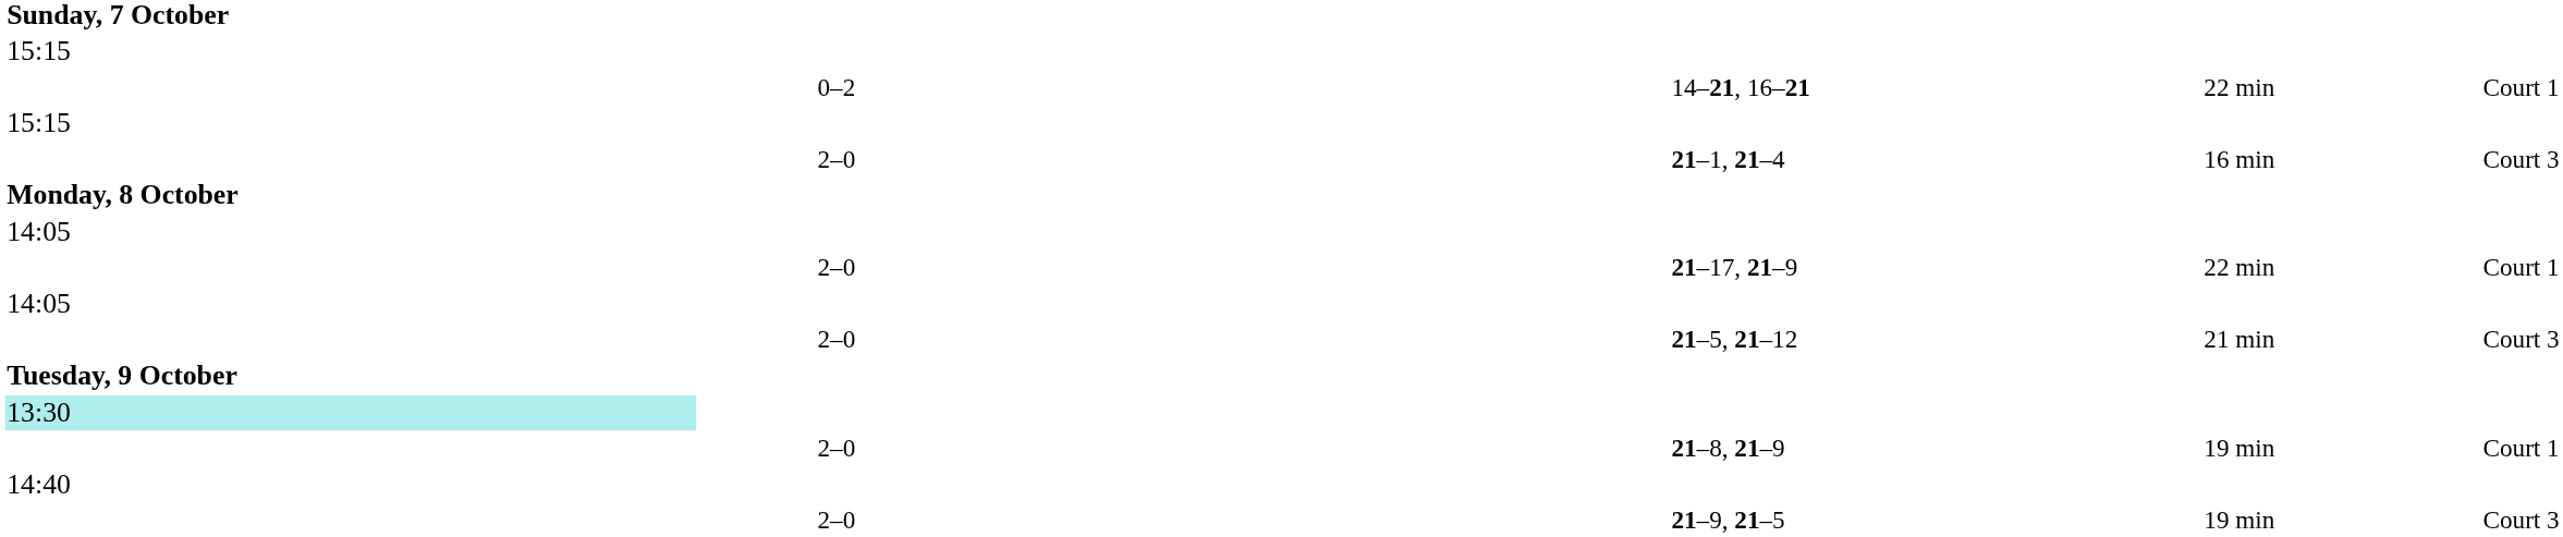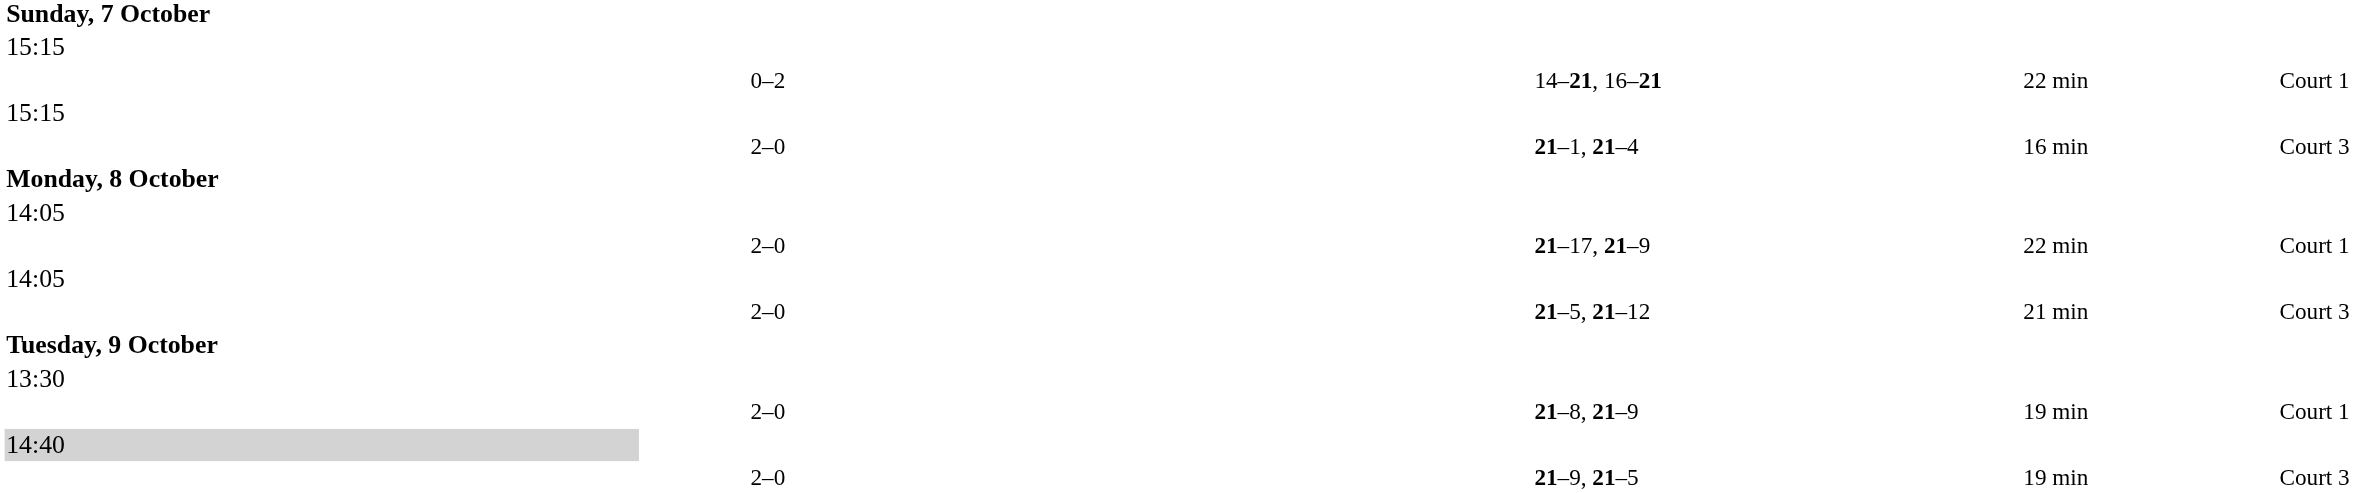 <table style="width:100%;" cellspacing="1">
 <tr>
 <th width=25%></th>
 <th width=10%></th>
 <th width=25%></th>
 </tr>
 <tr>
 <td><strong>Sunday, 7 October</strong></td>
 </tr>
 <tr>
 <td>15:15</td>
 </tr>
 <tr style=font-size:90%>
 <td align=right></td>
 <td align=center>0–2</td>
 <td><strong></strong></td>
 <td>14–<strong>21</strong>, 16–<strong>21</strong></td>
 <td>22 min</td>
 <td>Court 1</td>
 </tr>
 <tr>
 <td>15:15</td>
 </tr>
 <tr style=font-size:90%>
 <td align=right><strong></strong></td>
 <td align=center>2–0</td>
 <td></td>
 <td><strong>21</strong>–1, <strong>21</strong>–4</td>
 <td>16 min</td>
 <td>Court 3</td>
 </tr>
 <tr>
 <td><strong>Monday, 8 October</strong></td>
 </tr>
 <tr>
 <td>14:05</td>
 </tr>
 <tr style=font-size:90%>
 <td align=right><strong></strong></td>
 <td align=center>2–0</td>
 <td></td>
 <td><strong>21</strong>–17, <strong>21</strong>–9</td>
 <td>22 min</td>
 <td>Court 1</td>
 </tr>
 <tr>
 <td>14:05</td>
 </tr>
 <tr style=font-size:90%>
 <td align=right><strong></strong></td>
 <td align=center>2–0</td>
 <td></td>
 <td><strong>21</strong>–5, <strong>21</strong>–12</td>
 <td>21 min</td>
 <td>Court 3</td>
 </tr>
 <tr>
 <td><strong>Tuesday, 9 October</strong></td>
 </tr>
 <tr>
-<td style="background: paleturquoise;">13:30</td>
+<td>13:30</td>
 </tr>
 <tr style=font-size:90%>
 <td align=right><strong></strong></td>
 <td align=center>2–0</td>
 <td></td>
 <td><strong>21</strong>–8, <strong>21</strong>–9</td>
 <td>19 min</td>
 <td>Court 1</td>
 </tr>
 <tr>
-<td>14:40</td>
+<td style="background: lightgrey;">14:40</td>
 </tr>
 <tr style=font-size:90%>
 <td align=right><strong></strong></td>
 <td align=center>2–0</td>
 <td></td>
 <td><strong>21</strong>–9, <strong>21</strong>–5</td>
 <td>19 min</td>
 <td>Court 3</td>
 </tr>
 </table>
